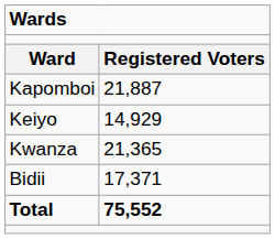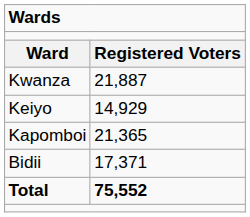 <table class="wikitable">
 <tr>
 <td colspan="2"><strong>Wards</strong></td>
 </tr>
 <tr>
 <td colspan="2"></td>
 </tr>
 <tr>
 <th>Ward</th>
 <th>Registered Voters</th>
 </tr>
 <tr>
-<td>Kapomboi</td>
+<td>Kwanza</td>
 <td>21,887</td>
 </tr>
 <tr>
 <td>Keiyo</td>
 <td>14,929</td>
 </tr>
 <tr>
-<td>Kwanza</td>
+<td>Kapomboi</td>
 <td>21,365</td>
 </tr>
 <tr>
 <td>Bidii</td>
 <td>17,371</td>
 </tr>
 <tr>
 <td><strong>Total</strong></td>
 <td><strong>75,552</strong></td>
 </tr>
 <tr>
 <td colspan="2"></td>
 </tr>
 </table>
